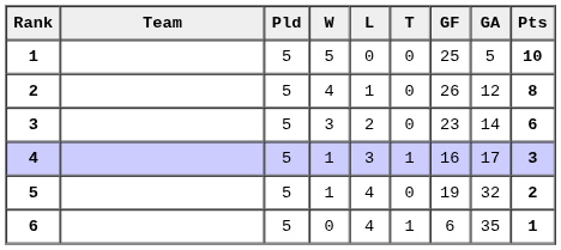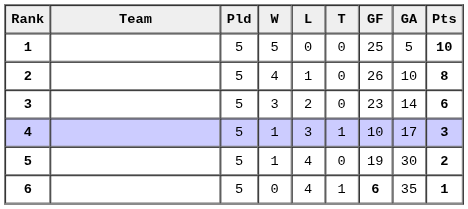 <table border=1 cellpadding=5 cellspacing=0>
 <tr>
 <th bgcolor="#efefef" width="20">Rank</th>
 <th bgcolor="#efefef" width="150">Team</th>
 <th bgcolor="#efefef" width="20">Pld</th>
 <th bgcolor="#efefef" width="20">W</th>
 <th bgcolor="#efefef" width="20">L</th>
 <th bgcolor="#efefef" width="20">T</th>
 <th bgcolor="#efefef" width="20">GF</th>
 <th bgcolor="#efefef" width="20">GA</th>
 <th bgcolor="#efefef" width="20">Pts</th>
 </tr>
 <tr align=center>
 <td><strong>1</strong></td>
 <td align=left></td>
 <td>5</td>
 <td>5</td>
 <td>0</td>
 <td>0</td>
 <td>25</td>
 <td>5</td>
 <td><strong>10</strong></td>
 </tr>
 <tr align=center>
 <td><strong>2</strong></td>
 <td align=left></td>
 <td>5</td>
 <td>4</td>
 <td>1</td>
 <td>0</td>
 <td>26</td>
-<td>12</td>
+<td>10</td>
 <td><strong>8</strong></td>
 </tr>
 <tr align=center>
 <td><strong>3</strong></td>
 <td align=left></td>
 <td>5</td>
 <td>3</td>
 <td>2</td>
 <td>0</td>
 <td>23</td>
 <td>14</td>
 <td><strong>6</strong></td>
 </tr>
 <tr align=center bgcolor="ccccff">
 <td><strong>4</strong></td>
 <td align=left></td>
 <td>5</td>
 <td>1</td>
 <td>3</td>
 <td>1</td>
-<td>16</td>
+<td>10</td>
 <td>17</td>
 <td><strong>3</strong></td>
 </tr>
 <tr align=center>
 <td><strong>5</strong></td>
 <td align=left></td>
 <td>5</td>
 <td>1</td>
 <td>4</td>
 <td>0</td>
 <td>19</td>
-<td>32</td>
+<td>30</td>
 <td><strong>2</strong></td>
 </tr>
 <tr align=center>
 <td><strong>6</strong></td>
 <td align=left></td>
 <td>5</td>
 <td>0</td>
 <td>4</td>
 <td>1</td>
-<td>6</td>
+<td><strong>6</strong></td>
 <td>35</td>
 <td><strong>1</strong></td>
 </tr>
 </table>
